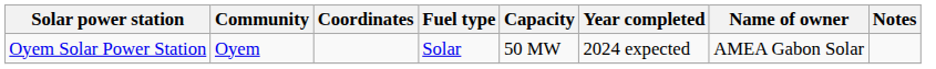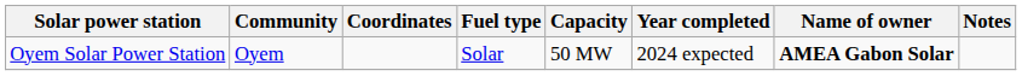 <table class="wikitable sortable">
 <tr>
 <th>Solar power station</th>
 <th>Community</th>
 <th>Coordinates</th>
 <th>Fuel type</th>
 <th>Capacity</th>
 <th>Year completed</th>
 <th>Name of owner</th>
 <th>Notes</th>
 </tr>
 <tr>
 <td><a href='#'>Oyem Solar Power Station</a></td>
 <td><a href='#'>Oyem</a></td>
 <td></td>
 <td><a href='#'>Solar</a></td>
 <td>50 MW</td>
 <td>2024 expected</td>
-<td>AMEA Gabon Solar</td>
+<td><strong>AMEA Gabon Solar</strong></td>
 <td></td>
 </tr>
 <tr>
 </tr>
 </table>
